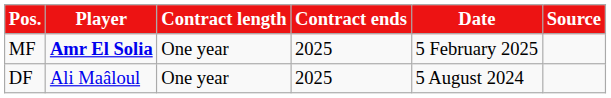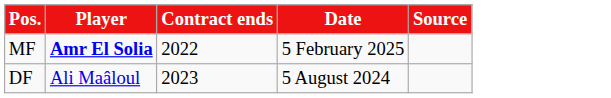 <table class="wikitable">
 <tr>
 <th style="background:#ed1313; color:#ffffff; ">Pos.</th>
 <th style="background:#ed1313; color:#ffffff; ">Player</th>
-<th style="background:#ed1313; color:#ffffff; ">Contract length</th>
 <th style="background:#ed1313; color:#ffffff; ">Contract ends</th>
 <th style="background:#ed1313; color:#ffffff; ">Date</th>
 <th style="background:#ed1313; color:#ffffff; ">Source</th>
 </tr>
 <tr>
 <td>MF</td>
 <td><strong> <a href='#'>Amr El Solia</a></strong></td>
-<td>One year</td>
-<td>2025</td>
+<td>2022</td>
 <td>5 February 2025</td>
 <td align=center></td>
 </tr>
 <tr>
 <td>DF</td>
 <td> <a href='#'>Ali Maâloul</a></td>
-<td>One year</td>
-<td>2025</td>
+<td>2023</td>
 <td>5 August 2024</td>
 <td align=center></td>
 </tr>
 </table>
